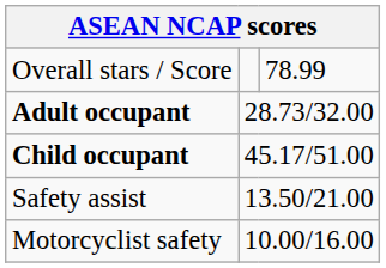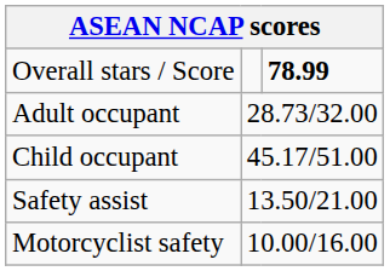 <table class="wikitable">
 <tr>
 <th colspan="3"><a href='#'>ASEAN NCAP</a> scores</th>
 </tr>
 <tr>
 <td>Overall stars / Score</td>
 <td></td>
-<td>78.99</td>
+<td><strong>78.99</strong></td>
 </tr>
 <tr>
-<td><strong>Adult occupant</strong></td>
+<td>Adult occupant</td>
 <td colspan="2">28.73/32.00</td>
 </tr>
 <tr>
-<td><strong>Child occupant</strong></td>
+<td>Child occupant</td>
 <td colspan="2">45.17/51.00</td>
 </tr>
 <tr>
 <td>Safety assist</td>
 <td colspan="2">13.50/21.00</td>
 </tr>
 <tr>
 <td>Motorcyclist safety</td>
 <td colspan="2">10.00/16.00</td>
 </tr>
 </table>
